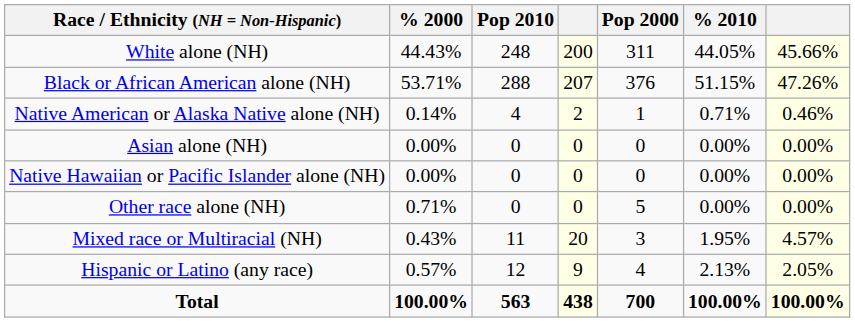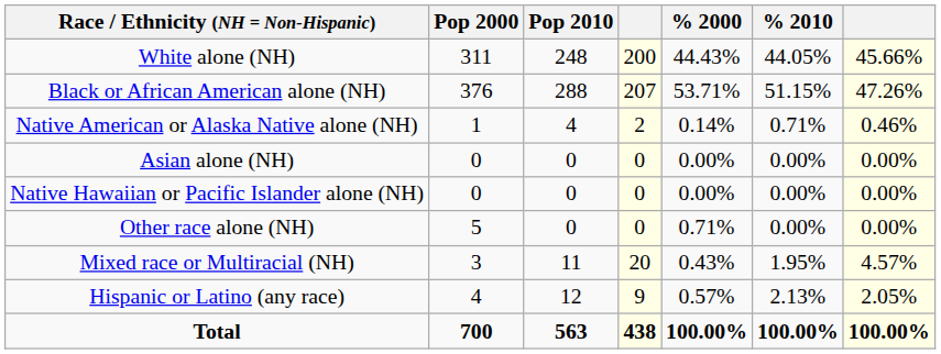 <table class="wikitable" style="text-align:center;">
 <tr>
 <th>Race / Ethnicity <small>(<em>NH = Non-Hispanic</em>)</small></th>
-<th>% 2000</th>
+<th>Pop 2000</th>
 <th>Pop 2010</th>
 <th></th>
-<th>Pop 2000</th>
+<th>% 2000</th>
 <th>% 2010</th>
 <th></th>
 </tr>
 <tr>
 <td><a href='#'>White</a> alone (NH)</td>
-<td>44.43%</td>
+<td>311</td>
 <td>248</td>
 <td style='background: #ffffe6;'>200</td>
-<td>311</td>
+<td>44.43%</td>
 <td>44.05%</td>
 <td style='background: #ffffe6;'>45.66%</td>
 </tr>
 <tr>
 <td><a href='#'>Black or African American</a> alone (NH)</td>
-<td>53.71%</td>
+<td>376</td>
 <td>288</td>
 <td style='background: #ffffe6;'>207</td>
-<td>376</td>
+<td>53.71%</td>
 <td>51.15%</td>
 <td style='background: #ffffe6;'>47.26%</td>
 </tr>
 <tr>
 <td><a href='#'>Native American</a> or <a href='#'>Alaska Native</a> alone (NH)</td>
-<td>0.14%</td>
+<td>1</td>
 <td>4</td>
 <td style='background: #ffffe6;'>2</td>
-<td>1</td>
+<td>0.14%</td>
 <td>0.71%</td>
 <td style='background: #ffffe6;'>0.46%</td>
 </tr>
 <tr>
 <td><a href='#'>Asian</a> alone (NH)</td>
-<td>0.00%</td>
+<td>0</td>
 <td>0</td>
 <td style='background: #ffffe6;'>0</td>
-<td>0</td>
+<td>0.00%</td>
 <td>0.00%</td>
 <td style='background: #ffffe6;'>0.00%</td>
 </tr>
 <tr>
 <td><a href='#'>Native Hawaiian</a> or <a href='#'>Pacific Islander</a> alone (NH)</td>
-<td>0.00%</td>
+<td>0</td>
 <td>0</td>
 <td style='background: #ffffe6;'>0</td>
-<td>0</td>
+<td>0.00%</td>
 <td>0.00%</td>
 <td style='background: #ffffe6;'>0.00%</td>
 </tr>
 <tr>
 <td><a href='#'>Other race</a> alone (NH)</td>
-<td>0.71%</td>
+<td>5</td>
 <td>0</td>
 <td style='background: #ffffe6;'>0</td>
-<td>5</td>
+<td>0.71%</td>
 <td>0.00%</td>
 <td style='background: #ffffe6;'>0.00%</td>
 </tr>
 <tr>
 <td><a href='#'>Mixed race or Multiracial</a> (NH)</td>
-<td>0.43%</td>
+<td>3</td>
 <td>11</td>
 <td style='background: #ffffe6;'>20</td>
-<td>3</td>
+<td>0.43%</td>
 <td>1.95%</td>
 <td style='background: #ffffe6;'>4.57%</td>
 </tr>
 <tr>
 <td><a href='#'>Hispanic or Latino</a> (any race)</td>
-<td>0.57%</td>
+<td>4</td>
 <td>12</td>
 <td style='background: #ffffe6;'>9</td>
-<td>4</td>
+<td>0.57%</td>
 <td>2.13%</td>
 <td style='background: #ffffe6;'>2.05%</td>
 </tr>
 <tr>
 <td><strong>Total</strong></td>
-<td><strong>100.00%</strong></td>
+<td><strong>700</strong></td>
 <td><strong>563</strong></td>
 <td style='background: #ffffe6;'><strong>438</strong></td>
-<td><strong>700</strong></td>
+<td><strong>100.00%</strong></td>
 <td><strong>100.00%</strong></td>
 <td style='background: #ffffe6;'><strong>100.00%</strong></td>
 </tr>
 </table>
